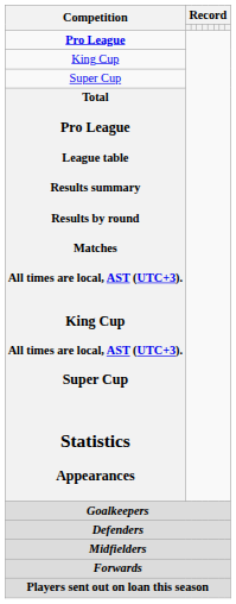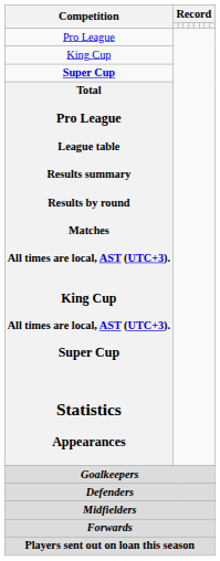 <table class="wikitable" style="text-align: center">
 <tr>
 <th rowspan=2>Competition</th>
 <th colspan=8>Record</th>
 </tr>
 <tr>
 <th></th>
 <th></th>
 <th></th>
 <th></th>
 <th></th>
 <th></th>
 <th></th>
 <th></th>
 </tr>
 <tr>
-<td><strong><a href='#'>Pro League</a><br></strong></td>
+<td><a href='#'>Pro League</a><br></td>
 </tr>
 <tr>
 <td><a href='#'>King Cup</a><br></td>
 </tr>
 <tr>
-<td><a href='#'>Super Cup</a><br></td>
+<td><strong><a href='#'>Super Cup</a><br></strong></td>
 </tr>
 <tr>
 <th>Total<br> <h3>Pro League</h3><h4>League table</h4><h4>Results summary</h4> <h4>Results by round</h4><h4>Matches</h4>All times are local, <a href='#'>AST</a> (<a href='#'>UTC+3</a>).<br>   <br>                                 <h3>King Cup</h3> All times are local, <a href='#'>AST</a> (<a href='#'>UTC+3</a>).<br> <h3>Super Cup</h3><br><h2>Statistics</h2><h3>Appearances</h3></th>
 </tr>
 <tr>
 <th colspan=12 style=background:#dcdcdc; text-align:center><em>Goalkeepers</em><br>  </th>
 </tr>
 <tr>
 <th colspan=12 style=background:#dcdcdc; text-align:center><em>Defenders</em><br>        </th>
 </tr>
 <tr>
 <th colspan=12 style=background:#dcdcdc; text-align:center><em>Midfielders</em><br>            </th>
 </tr>
 <tr>
 <th colspan=12 style=background:#dcdcdc; text-align:center><em>Forwards</em><br>    </th>
 </tr>
 <tr>
 <th colspan=16 style=background:#dcdcdc; text-align:center>Players sent out on loan this season<br> </th>
 </tr>
 </table>
